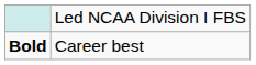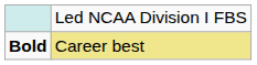 <table class="wikitable">
 <tr>
 <td style="background:#cfecec;"></td>
 <td>Led NCAA Division I FBS</td>
 </tr>
 <tr>
 <td><strong>Bold</strong></td>
-<td>Career best</td>
+<td style="background: khaki;">Career best</td>
 </tr>
 </table>
